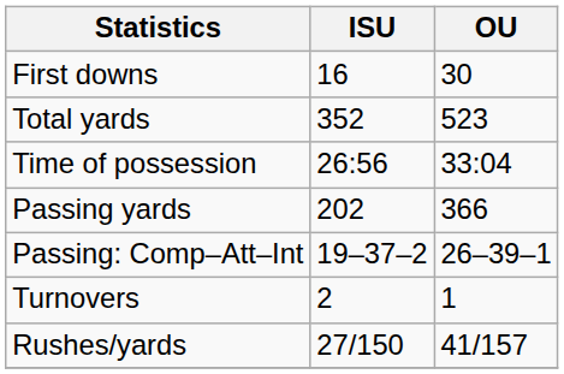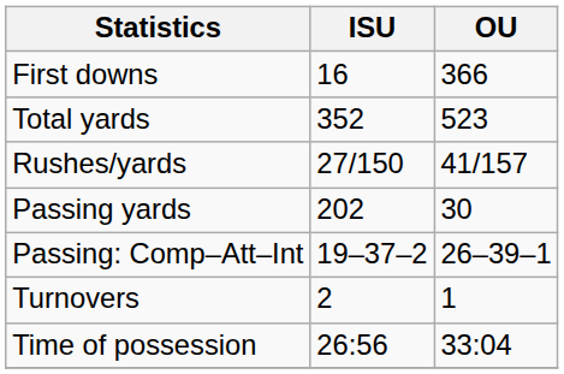 <table class="wikitable" style="float: left;">
 <tr>
 <th>Statistics</th>
 <th>ISU</th>
 <th>OU</th>
 </tr>
 <tr>
 <td>First downs</td>
 <td>16</td>
-<td>30</td>
+<td>366</td>
 </tr>
 <tr>
 <td>Total yards</td>
 <td>352</td>
 <td>523</td>
 </tr>
 <tr>
-<td>Time of possession</td>
-<td>26:56</td>
-<td>33:04</td>
+<td>Rushes/yards</td>
+<td>27/150</td>
+<td>41/157</td>
 </tr>
 <tr>
 <td>Passing yards</td>
 <td>202</td>
-<td>366</td>
+<td>30</td>
 </tr>
 <tr>
 <td>Passing: Comp–Att–Int</td>
 <td>19–37–2</td>
 <td>26–39–1</td>
 </tr>
 <tr>
 <td>Turnovers</td>
 <td>2</td>
 <td>1</td>
 </tr>
 <tr>
-<td>Rushes/yards</td>
-<td>27/150</td>
-<td>41/157</td>
+<td>Time of possession</td>
+<td>26:56</td>
+<td>33:04</td>
 </tr>
 <tr>
 </tr>
 </table>
